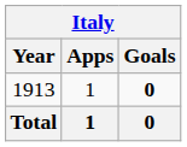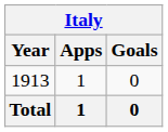 <table class="wikitable" style="text-align:center">
 <tr>
 <th colspan=3><a href='#'>Italy</a></th>
 </tr>
 <tr>
 <th>Year</th>
 <th>Apps</th>
 <th>Goals</th>
 </tr>
 <tr>
 <td>1913</td>
 <td>1</td>
-<td><strong>0</strong></td>
+<td>0</td>
 </tr>
 <tr>
 <th>Total</th>
 <th>1</th>
 <th>0</th>
 </tr>
 </table>
